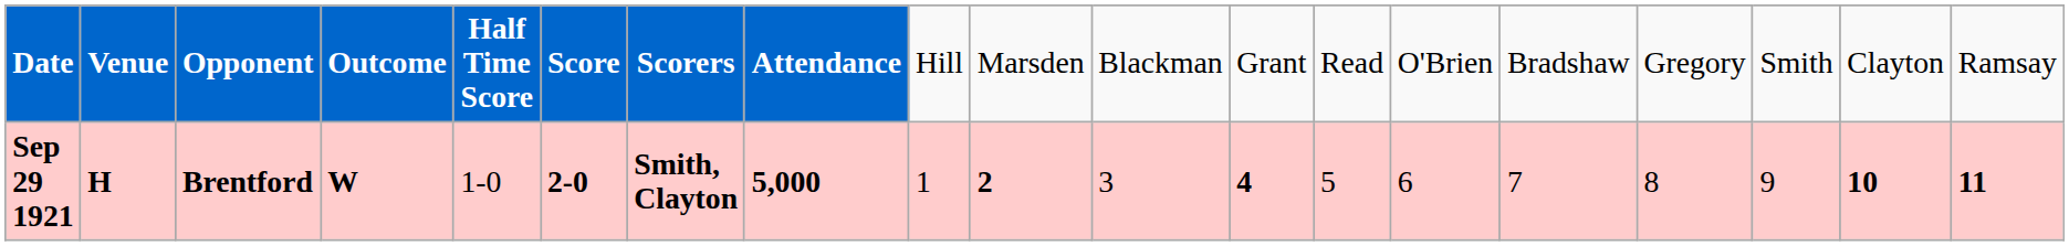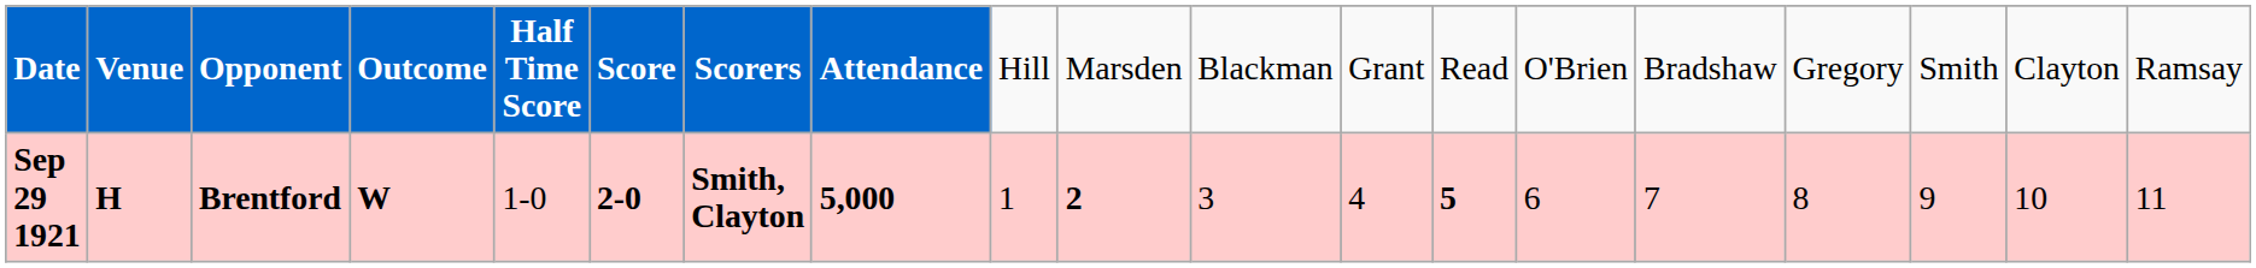 <table class="wikitable">
 <tr>
 <td style="background:#0066CC; color:#FFFFFF; text-align:center;"><strong>Date</strong></td>
 <td style="background:#0066CC; color:#FFFFFF; text-align:center;"><strong>Venue</strong></td>
 <td style="background:#0066CC; color:#FFFFFF; text-align:center;"><strong>Opponent</strong></td>
 <td style="background:#0066CC; color:#FFFFFF; text-align:center;"><strong>Outcome</strong></td>
 <td style="background:#0066CC; color:#FFFFFF; text-align:center;"><strong>Half Time Score</strong></td>
 <td style="background:#0066CC; color:#FFFFFF; text-align:center;"><strong>Score</strong></td>
 <td style="background:#0066CC; color:#FFFFFF; text-align:center;"><strong>Scorers</strong></td>
 <td style="background:#0066CC; color:#FFFFFF; text-align:center;"><strong>Attendance</strong></td>
 <td>Hill</td>
 <td>Marsden</td>
 <td>Blackman</td>
 <td>Grant</td>
 <td>Read</td>
 <td>O'Brien</td>
 <td>Bradshaw</td>
 <td>Gregory</td>
 <td>Smith</td>
 <td>Clayton</td>
 <td>Ramsay</td>
 </tr>
 <tr bgcolor="#FFCCCC">
 <td><strong>Sep 29 1921</strong></td>
 <td><strong>H</strong></td>
 <td><strong>Brentford</strong></td>
 <td><strong>W</strong></td>
 <td>1-0</td>
 <td><strong>2-0</strong></td>
 <td><strong>Smith, Clayton</strong></td>
 <td><strong>5,000</strong></td>
 <td>1</td>
 <td><strong>2</strong></td>
 <td>3</td>
-<td><strong>4</strong></td>
-<td>5</td>
+<td>4</td>
+<td><strong>5</strong></td>
 <td>6</td>
 <td>7</td>
 <td>8</td>
 <td>9</td>
-<td><strong>10</strong></td>
-<td><strong>11</strong></td>
+<td>10</td>
+<td>11</td>
 </tr>
 </table>
